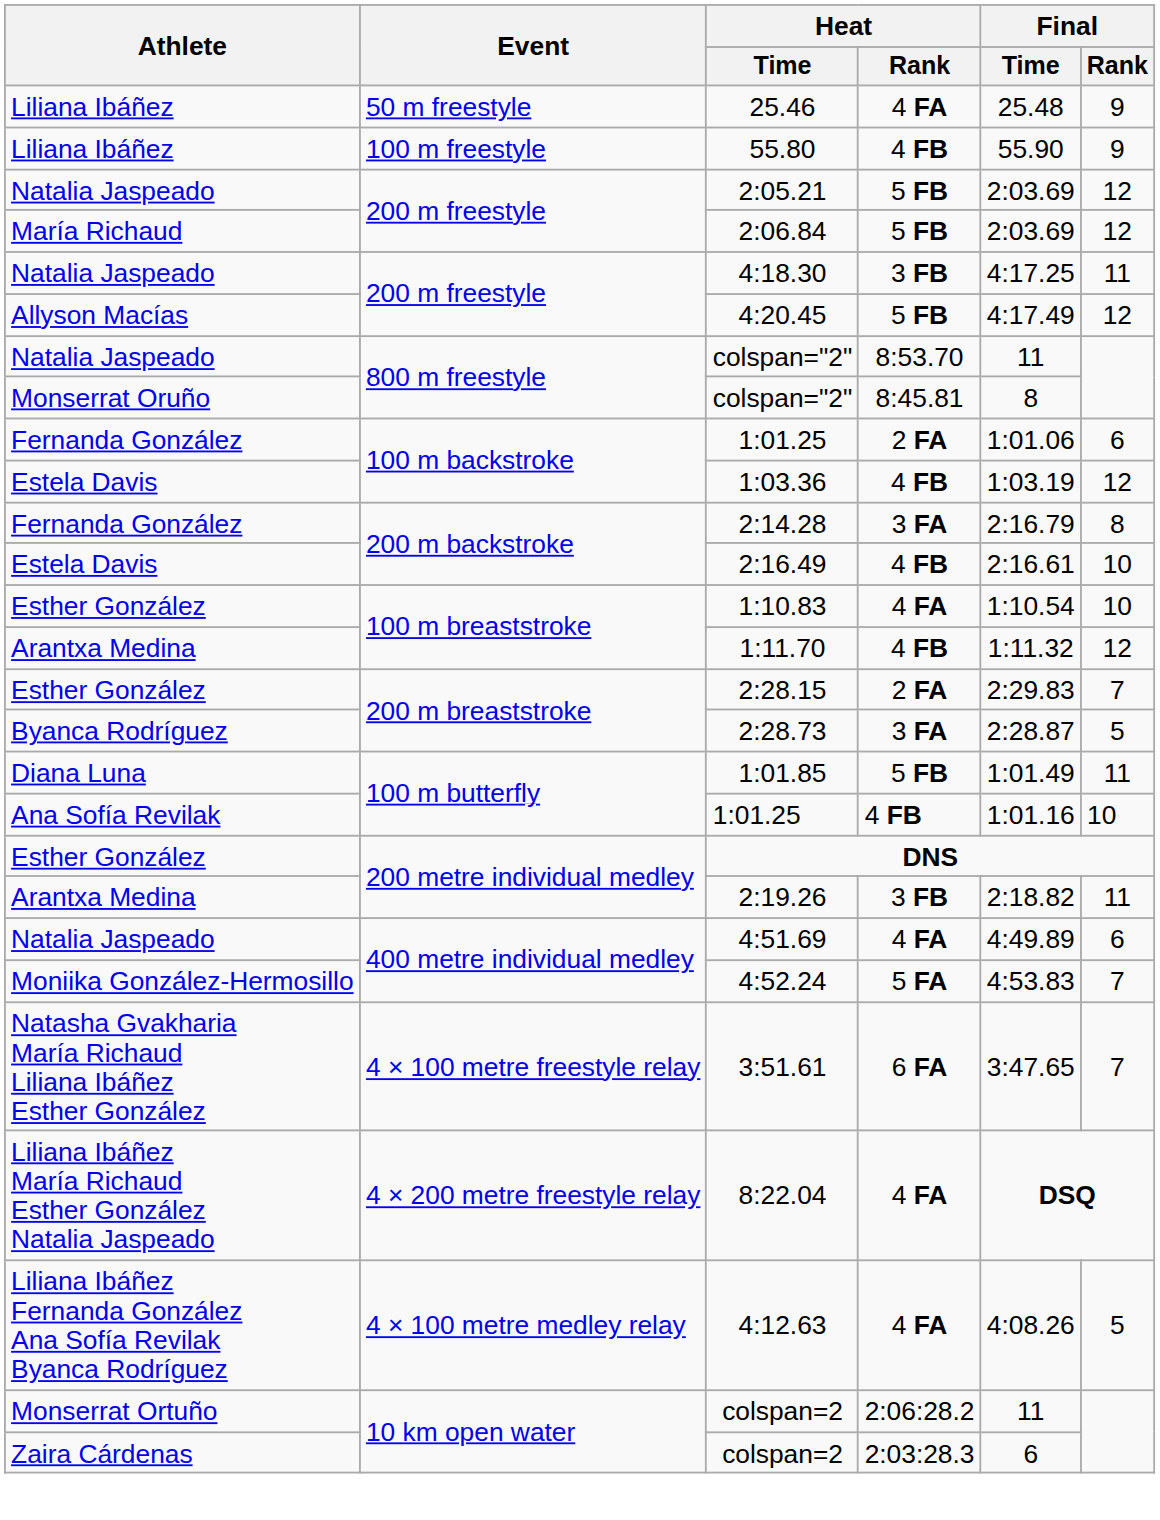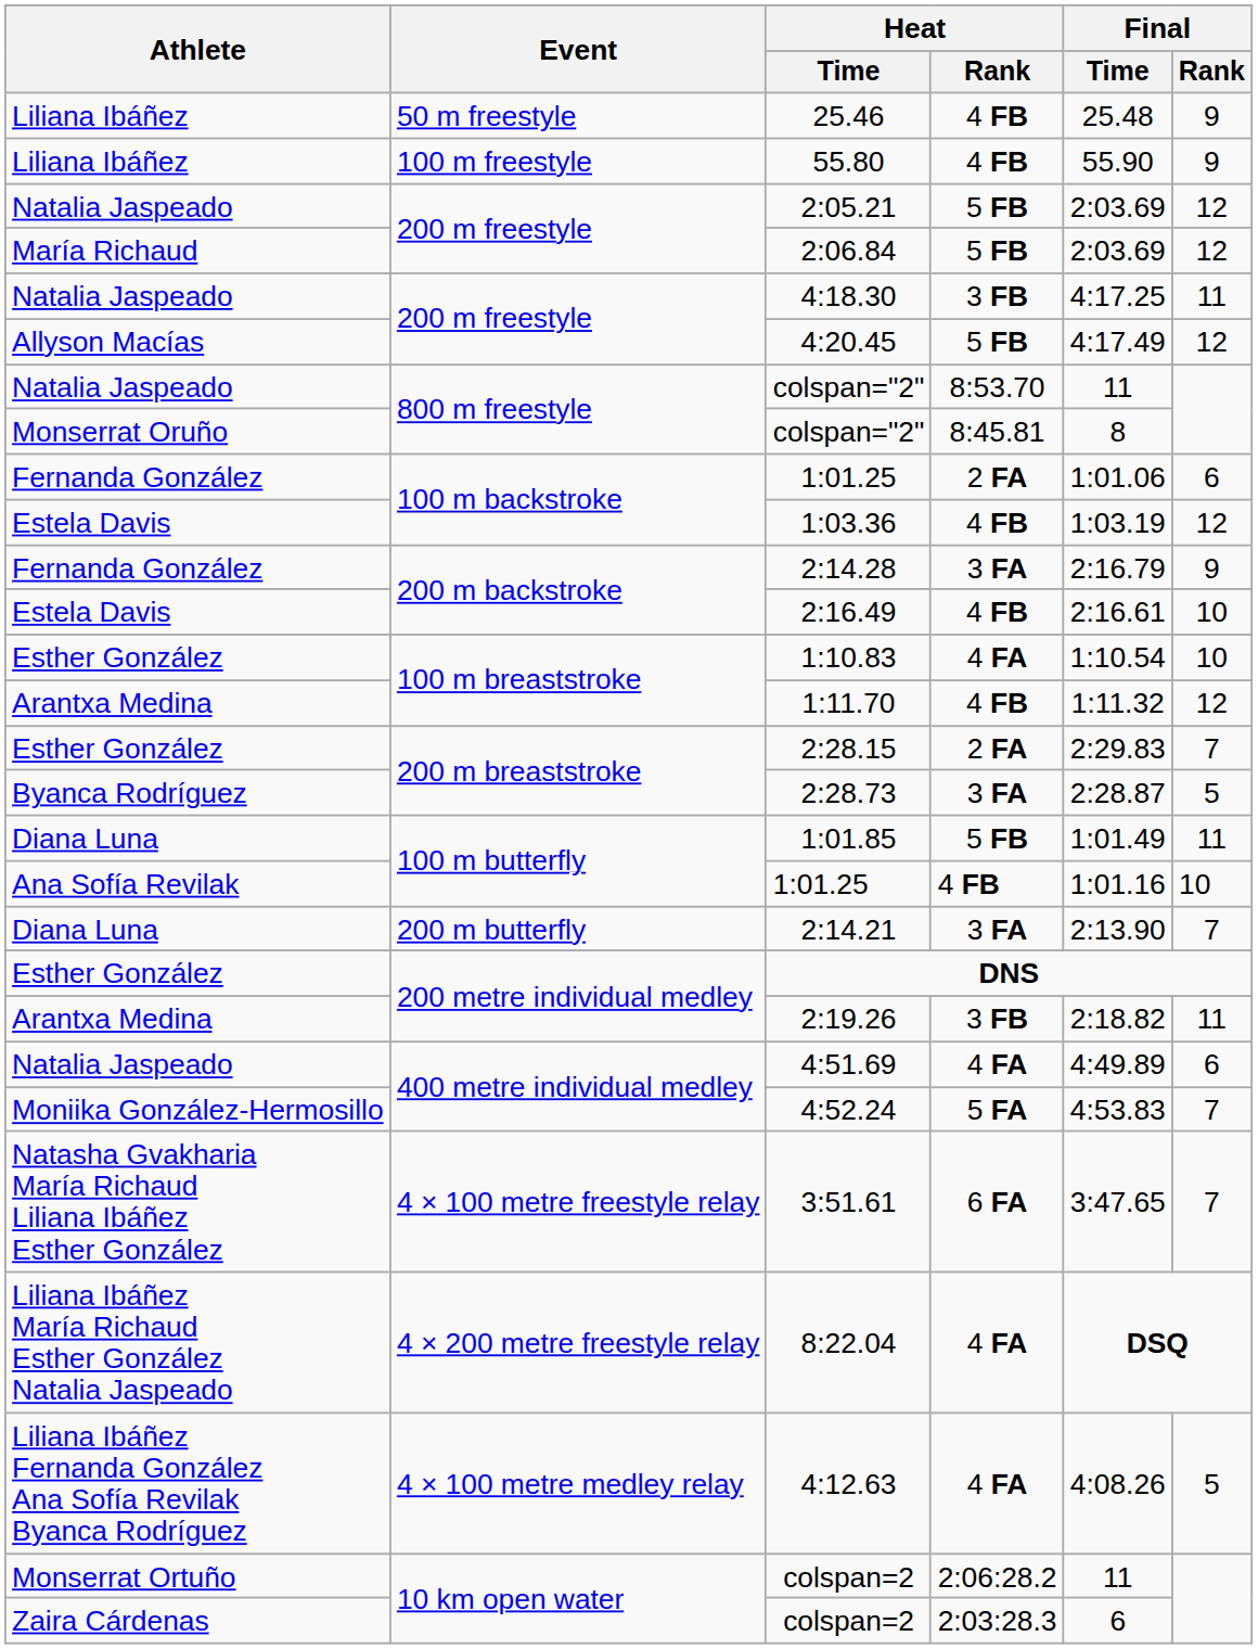 <table class=wikitable style="font-size:90%">
 <tr>
 <th rowspan="2">Athlete</th>
 <th rowspan="2">Event</th>
 <th colspan="2">Heat</th>
 <th colspan="2">Final</th>
 </tr>
 <tr style="font-size:95%">
 <th>Time</th>
 <th>Rank</th>
 <th>Time</th>
 <th>Rank</th>
 </tr>
 <tr align=center>
 <td align=left><a href='#'>Liliana Ibáñez</a></td>
 <td align=left><a href='#'>50 m freestyle</a></td>
 <td>25.46</td>
-<td>4 <strong>FA</strong></td>
+<td>4 <strong>FB</strong></td>
 <td>25.48</td>
 <td>9</td>
 </tr>
 <tr align=center>
 <td align=left><a href='#'>Liliana Ibáñez</a></td>
 <td align=left><a href='#'>100 m freestyle</a></td>
 <td>55.80</td>
 <td>4 <strong>FB</strong></td>
 <td>55.90</td>
 <td>9</td>
 </tr>
 <tr align=center>
 <td align=left><a href='#'>Natalia Jaspeado</a></td>
 <td align=left rowspan="2"><a href='#'>200 m freestyle</a></td>
 <td>2:05.21</td>
 <td>5 <strong>FB</strong></td>
 <td>2:03.69</td>
 <td>12</td>
 </tr>
 <tr align=center>
 <td align=left><a href='#'>María Richaud</a></td>
 <td>2:06.84</td>
 <td>5 <strong>FB</strong></td>
 <td>2:03.69</td>
 <td>12</td>
 </tr>
 <tr align=center>
 <td align=left><a href='#'>Natalia Jaspeado</a></td>
 <td align=left rowspan="2"><a href='#'>200 m freestyle</a></td>
 <td>4:18.30</td>
 <td>3 <strong>FB</strong></td>
 <td>4:17.25</td>
 <td>11</td>
 </tr>
 <tr align=center>
 <td align=left><a href='#'>Allyson Macías</a></td>
 <td>4:20.45</td>
 <td>5 <strong>FB</strong></td>
 <td>4:17.49</td>
 <td>12</td>
 </tr>
 <tr align=center>
 <td align=left><a href='#'>Natalia Jaspeado</a></td>
 <td align=left rowspan="2"><a href='#'>800 m freestyle</a></td>
 <td>colspan="2" </td>
 <td>8:53.70</td>
 <td>11</td>
 </tr>
 <tr align=center>
 <td align=left><a href='#'>Monserrat Oruño</a></td>
 <td>colspan="2" </td>
 <td>8:45.81</td>
 <td>8</td>
 </tr>
 <tr align=center>
 <td align=left><a href='#'>Fernanda González</a></td>
 <td align=left rowspan="2"><a href='#'>100 m backstroke</a></td>
 <td>1:01.25</td>
 <td>2 <strong>FA</strong></td>
 <td>1:01.06</td>
 <td>6</td>
 </tr>
 <tr align=center>
 <td align=left><a href='#'>Estela Davis</a></td>
 <td>1:03.36</td>
 <td>4 <strong>FB</strong></td>
 <td>1:03.19</td>
 <td>12</td>
 </tr>
 <tr align=center>
 <td align=left><a href='#'>Fernanda González</a></td>
 <td align=left rowspan="2"><a href='#'>200 m backstroke</a></td>
 <td>2:14.28</td>
 <td>3 <strong>FA</strong></td>
 <td>2:16.79</td>
-<td>8</td>
+<td>9</td>
 </tr>
 <tr align=center>
 <td align=left><a href='#'>Estela Davis</a></td>
 <td>2:16.49</td>
 <td>4 <strong>FB</strong></td>
 <td>2:16.61</td>
 <td>10</td>
 </tr>
 <tr align=center>
 <td align=left><a href='#'>Esther González</a></td>
 <td align=left rowspan="2"><a href='#'>100 m breaststroke</a></td>
 <td>1:10.83</td>
 <td>4 <strong>FA</strong></td>
 <td>1:10.54</td>
 <td>10</td>
 </tr>
 <tr align=center>
 <td align=left><a href='#'>Arantxa Medina</a></td>
 <td>1:11.70</td>
 <td>4 <strong>FB</strong></td>
 <td>1:11.32</td>
 <td>12</td>
 </tr>
 <tr align=center>
 <td align=left><a href='#'>Esther González</a></td>
 <td align=left rowspan="2"><a href='#'>200 m breaststroke</a></td>
 <td>2:28.15</td>
 <td>2 <strong>FA</strong></td>
 <td>2:29.83</td>
 <td>7</td>
 </tr>
 <tr align=center>
 <td align=left><a href='#'>Byanca Rodríguez</a></td>
 <td>2:28.73</td>
 <td>3 <strong>FA</strong></td>
 <td>2:28.87</td>
 <td>5</td>
 </tr>
 <tr align=center>
 <td align=left><a href='#'>Diana Luna</a></td>
 <td align=left rowspan="2"><a href='#'>100 m butterfly</a></td>
 <td>1:01.85</td>
 <td>5 <strong>FB</strong></td>
 <td>1:01.49</td>
 <td>11</td>
 </tr>
 <tr>
 <td align=left><a href='#'>Ana Sofía Revilak</a></td>
 <td>1:01.25</td>
 <td>4 <strong>FB</strong></td>
 <td>1:01.16</td>
 <td>10</td>
+</tr>
+<tr align=center>
+<td align=left><a href='#'>Diana Luna</a></td>
+<td align=left><a href='#'>200 m butterfly</a></td>
+<td>2:14.21</td>
+<td>3 <strong>FA</strong></td>
+<td>2:13.90</td>
+<td>7</td>
 </tr>
 <tr align=center>
 <td align=left><a href='#'>Esther González</a></td>
 <td align=left rowspan="2"><a href='#'>200 metre individual medley</a></td>
 <td colspan=4><strong>DNS</strong></td>
 </tr>
 <tr align=center>
 <td align=left><a href='#'>Arantxa Medina</a></td>
 <td>2:19.26</td>
 <td>3 <strong>FB</strong></td>
 <td>2:18.82</td>
 <td>11</td>
 </tr>
 <tr align=center>
 <td align=left><a href='#'>Natalia Jaspeado</a></td>
 <td align=left rowspan="2"><a href='#'>400 metre individual medley</a></td>
 <td>4:51.69</td>
 <td>4 <strong>FA</strong></td>
 <td>4:49.89</td>
 <td>6</td>
 </tr>
 <tr align=center>
 <td align=left><a href='#'>Moniika González-Hermosillo</a></td>
 <td>4:52.24</td>
 <td>5 <strong>FA</strong></td>
 <td>4:53.83</td>
 <td>7</td>
 </tr>
 <tr align=center>
 <td align=left><a href='#'>Natasha Gvakharia</a><br><a href='#'>María Richaud</a><br><a href='#'>Liliana Ibáñez</a><br><a href='#'>Esther González</a></td>
 <td align=left><a href='#'>4 × 100 metre freestyle relay</a></td>
 <td>3:51.61</td>
 <td>6 <strong>FA</strong></td>
 <td>3:47.65</td>
 <td>7</td>
 </tr>
 <tr align=center>
 <td align=left><a href='#'>Liliana Ibáñez</a><br><a href='#'>María Richaud</a><br><a href='#'>Esther González</a><br><a href='#'>Natalia Jaspeado</a></td>
 <td align=left><a href='#'>4 × 200 metre freestyle relay</a></td>
 <td>8:22.04</td>
 <td>4 <strong>FA</strong></td>
 <td colspan=2><strong>DSQ</strong></td>
 </tr>
 <tr align=center>
 <td align=left><a href='#'>Liliana Ibáñez</a><br><a href='#'>Fernanda González</a><br><a href='#'>Ana Sofía Revilak</a><br><a href='#'>Byanca Rodríguez</a></td>
 <td align=left><a href='#'>4 × 100 metre medley relay</a></td>
 <td>4:12.63</td>
 <td>4 <strong>FA</strong></td>
 <td>4:08.26</td>
 <td>5</td>
 </tr>
 <tr align=center>
 <td align=left><a href='#'>Monserrat Ortuño</a></td>
 <td align=left rowspan="2"><a href='#'>10 km open water</a></td>
 <td>colspan=2 </td>
 <td>2:06:28.2</td>
 <td>11</td>
 </tr>
 <tr align=center>
 <td align=left><a href='#'>Zaira Cárdenas</a></td>
 <td>colspan=2 </td>
 <td>2:03:28.3</td>
 <td>6</td>
 </tr>
 </table>
